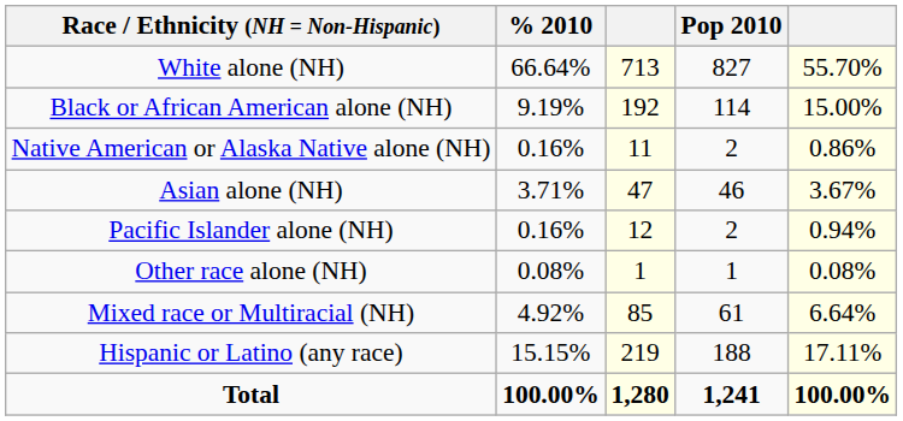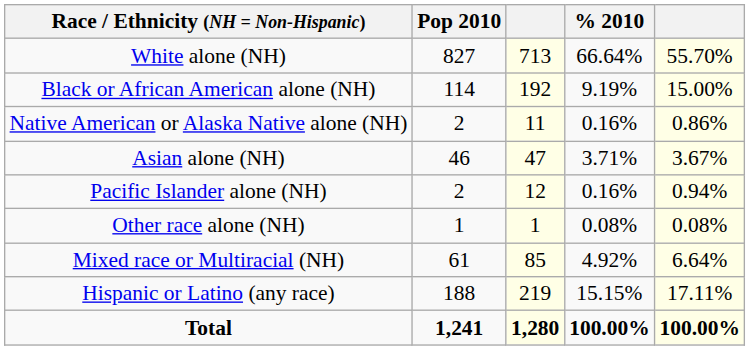 <table class="wikitable" style="text-align:center;">
 <tr>
 <th>Race / Ethnicity <small>(<em>NH = Non-Hispanic</em>)</small></th>
+<th>Pop 2010</th>
+<th></th>
 <th>% 2010</th>
-<th></th>
-<th>Pop 2010</th>
 <th></th>
 </tr>
 <tr>
 <td><a href='#'>White</a> alone (NH)</td>
+<td>827</td>
+<td style='background: #ffffe6;'>713</td>
 <td>66.64%</td>
-<td style='background: #ffffe6;'>713</td>
-<td>827</td>
 <td style='background: #ffffe6;'>55.70%</td>
 </tr>
 <tr>
 <td><a href='#'>Black or African American</a> alone (NH)</td>
+<td>114</td>
+<td style='background: #ffffe6;'>192</td>
 <td>9.19%</td>
-<td style='background: #ffffe6;'>192</td>
-<td>114</td>
 <td style='background: #ffffe6;'>15.00%</td>
 </tr>
 <tr>
 <td><a href='#'>Native American</a> or <a href='#'>Alaska Native</a> alone (NH)</td>
+<td>2</td>
+<td style='background: #ffffe6;'>11</td>
 <td>0.16%</td>
-<td style='background: #ffffe6;'>11</td>
-<td>2</td>
 <td style='background: #ffffe6;'>0.86%</td>
 </tr>
 <tr>
 <td><a href='#'>Asian</a> alone (NH)</td>
+<td>46</td>
+<td style='background: #ffffe6;'>47</td>
 <td>3.71%</td>
-<td style='background: #ffffe6;'>47</td>
-<td>46</td>
 <td style='background: #ffffe6;'>3.67%</td>
 </tr>
 <tr>
 <td><a href='#'>Pacific Islander</a> alone (NH)</td>
+<td>2</td>
+<td style='background: #ffffe6;'>12</td>
 <td>0.16%</td>
-<td style='background: #ffffe6;'>12</td>
-<td>2</td>
 <td style='background: #ffffe6;'>0.94%</td>
 </tr>
 <tr>
 <td><a href='#'>Other race</a> alone (NH)</td>
+<td>1</td>
+<td style='background: #ffffe6;'>1</td>
 <td>0.08%</td>
-<td style='background: #ffffe6;'>1</td>
-<td>1</td>
 <td style='background: #ffffe6;'>0.08%</td>
 </tr>
 <tr>
 <td><a href='#'>Mixed race or Multiracial</a> (NH)</td>
+<td>61</td>
+<td style='background: #ffffe6;'>85</td>
 <td>4.92%</td>
-<td style='background: #ffffe6;'>85</td>
-<td>61</td>
 <td style='background: #ffffe6;'>6.64%</td>
 </tr>
 <tr>
 <td><a href='#'>Hispanic or Latino</a> (any race)</td>
+<td>188</td>
+<td style='background: #ffffe6;'>219</td>
 <td>15.15%</td>
-<td style='background: #ffffe6;'>219</td>
-<td>188</td>
 <td style='background: #ffffe6;'>17.11%</td>
 </tr>
 <tr>
 <td><strong>Total</strong></td>
+<td><strong>1,241</strong></td>
+<td style='background: #ffffe6;'><strong>1,280</strong></td>
 <td><strong>100.00%</strong></td>
-<td style='background: #ffffe6;'><strong>1,280</strong></td>
-<td><strong>1,241</strong></td>
 <td style='background: #ffffe6;'><strong>100.00%</strong></td>
 </tr>
 </table>
